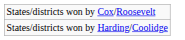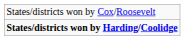 <table class="wikitable">
 <tr>
 <td>States/districts won by <a href='#'>Cox</a>/<a href='#'>Roosevelt</a></td>
 </tr>
 <tr>
-<td>States/districts won by <a href='#'>Harding</a>/<a href='#'>Coolidge</a></td>
+<td><strong>States/districts won by <a href='#'>Harding</a>/<a href='#'>Coolidge</a></strong></td>
 </tr>
 </table>
